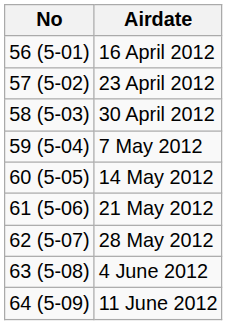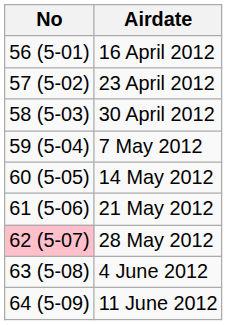 <table class="wikitable">
 <tr>
 <th>No</th>
 <th>Airdate</th>
 </tr>
 <tr>
 <td rowspan="1">56 (5-01)</td>
 <td>16 April 2012</td>
 </tr>
 <tr>
 <td rowspan="1">57 (5-02)</td>
 <td>23 April 2012</td>
 </tr>
 <tr>
 <td rowspan="1">58 (5-03)</td>
 <td>30 April 2012</td>
 </tr>
 <tr>
 <td rowspan="1">59 (5-04)</td>
 <td>7 May 2012</td>
 </tr>
 <tr>
 <td rowspan="1">60 (5-05)</td>
 <td>14 May 2012</td>
 </tr>
 <tr>
 <td rowspan="1">61 (5-06)</td>
 <td>21 May 2012</td>
 </tr>
 <tr>
-<td rowspan="1">62 (5-07)</td>
+<td rowspan="1" style="background: pink;">62 (5-07)</td>
 <td>28 May 2012</td>
 </tr>
 <tr>
 <td rowspan="1">63 (5-08)</td>
 <td>4 June 2012</td>
 </tr>
 <tr>
 <td rowspan="1">64 (5-09)</td>
 <td>11 June 2012</td>
 </tr>
 </table>
